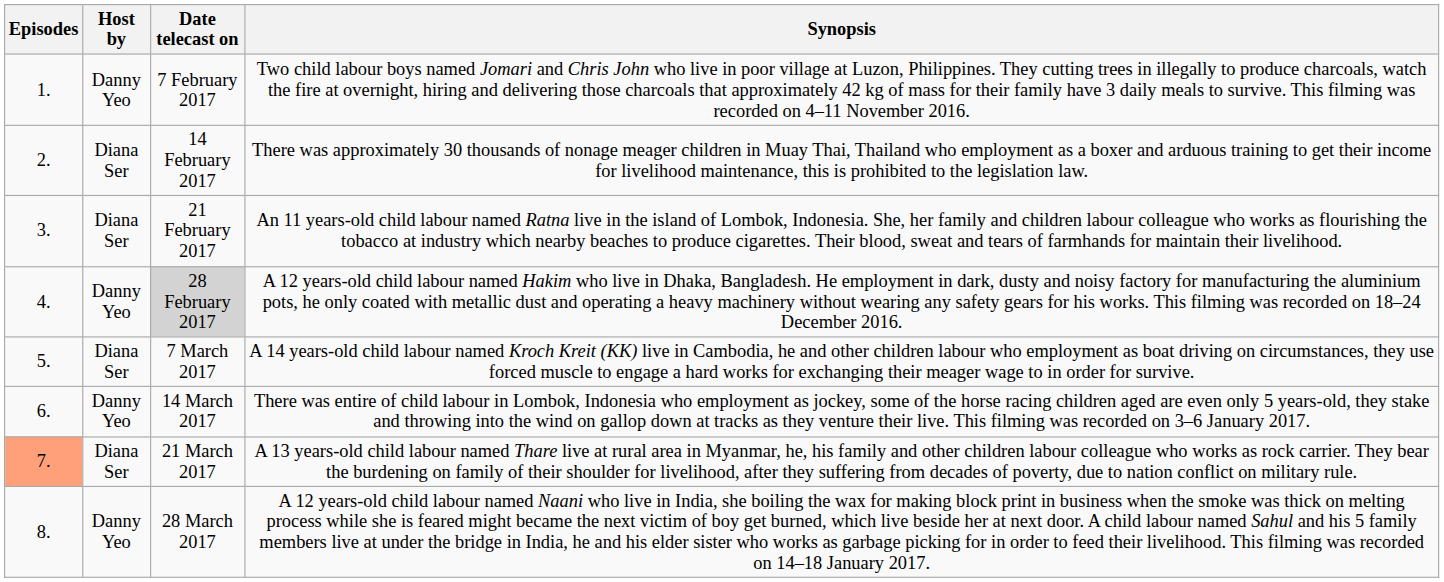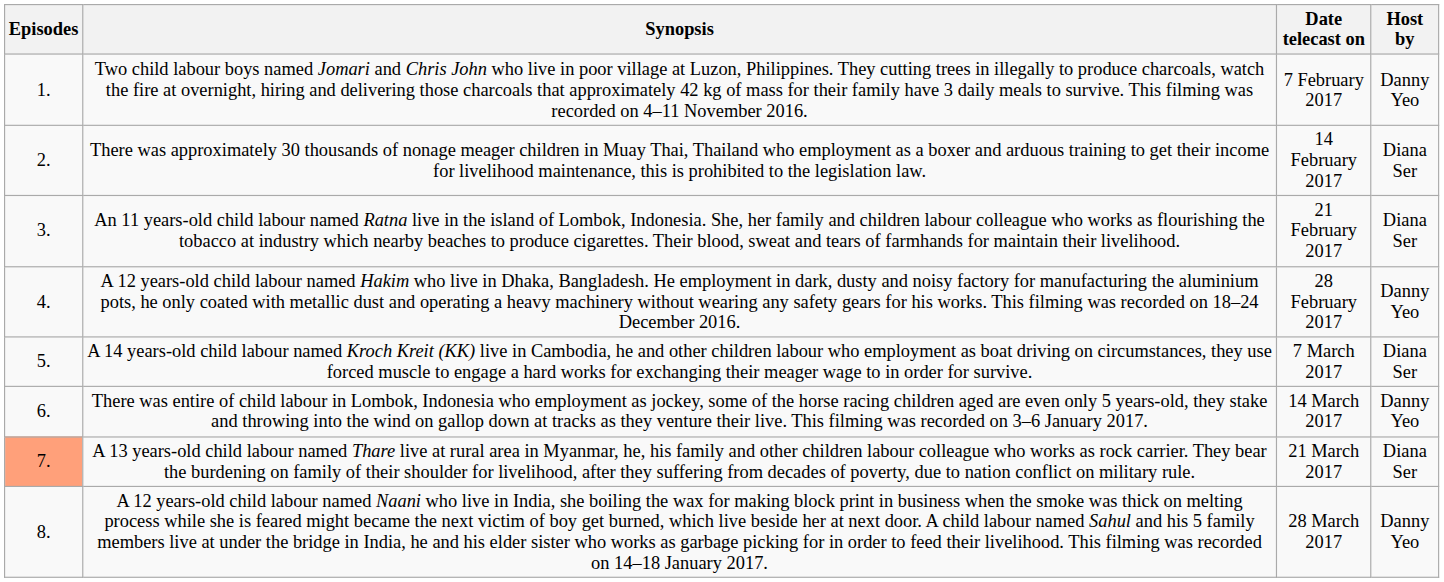 <table class="wikitable" style="text-align:center">
 <tr>
 <th>Episodes</th>
+<th>Synopsis</th>
+<th>Date telecast on</th>
 <th>Host by</th>
-<th>Date telecast on</th>
-<th>Synopsis</th>
 </tr>
 <tr>
 <td>1.</td>
+<td>Two child labour boys named <em>Jomari</em> and <em>Chris John</em> who live in poor village at Luzon, Philippines. They cutting trees in illegally to produce charcoals, watch the fire at overnight, hiring and delivering those charcoals that approximately 42 kg of mass for their family have 3 daily meals to survive. This filming was recorded on 4–11 November 2016.</td>
+<td>7 February 2017</td>
 <td>Danny Yeo</td>
-<td>7 February 2017</td>
-<td>Two child labour boys named <em>Jomari</em> and <em>Chris John</em> who live in poor village at Luzon, Philippines. They cutting trees in illegally to produce charcoals, watch the fire at overnight, hiring and delivering those charcoals that approximately 42 kg of mass for their family have 3 daily meals to survive. This filming was recorded on 4–11 November 2016.</td>
 </tr>
 <tr>
 <td>2.</td>
+<td>There was approximately 30 thousands of nonage meager children in Muay Thai, Thailand who employment as a boxer and arduous training to get their income for livelihood maintenance, this is prohibited to the legislation law.</td>
+<td>14 February 2017</td>
 <td>Diana Ser</td>
-<td>14 February 2017</td>
-<td>There was approximately 30 thousands of nonage meager children in Muay Thai, Thailand who employment as a boxer and arduous training to get their income for livelihood maintenance, this is prohibited to the legislation law.</td>
 </tr>
 <tr>
 <td>3.</td>
+<td>An 11 years-old child labour named <em>Ratna</em> live in the island of Lombok, Indonesia. She, her family and children labour colleague who works as flourishing the tobacco at industry which nearby beaches to produce cigarettes. Their blood, sweat and tears of farmhands for maintain their livelihood.</td>
+<td>21 February 2017</td>
 <td>Diana Ser</td>
-<td>21 February 2017</td>
-<td>An 11 years-old child labour named <em>Ratna</em> live in the island of Lombok, Indonesia. She, her family and children labour colleague who works as flourishing the tobacco at industry which nearby beaches to produce cigarettes. Their blood, sweat and tears of farmhands for maintain their livelihood.</td>
 </tr>
 <tr>
 <td>4.</td>
+<td>A 12 years-old child labour named <em>Hakim</em> who live in Dhaka, Bangladesh. He employment in dark, dusty and noisy factory for manufacturing the aluminium pots, he only coated with metallic dust and operating a heavy machinery without wearing any safety gears for his works. This filming was recorded on 18–24 December 2016.</td>
+<td>28 February 2017</td>
 <td>Danny Yeo</td>
-<td style="background: lightgrey;">28 February 2017</td>
-<td>A 12 years-old child labour named <em>Hakim</em> who live in Dhaka, Bangladesh. He employment in dark, dusty and noisy factory for manufacturing the aluminium pots, he only coated with metallic dust and operating a heavy machinery without wearing any safety gears for his works. This filming was recorded on 18–24 December 2016.</td>
 </tr>
 <tr>
 <td>5.</td>
+<td>A 14 years-old child labour named <em>Kroch Kreit (KK)</em> live in Cambodia, he and other children labour who employment as boat driving on circumstances, they use forced muscle to engage a hard works for exchanging their meager wage to in order for survive.</td>
+<td>7 March 2017</td>
 <td>Diana Ser</td>
-<td>7 March 2017</td>
-<td>A 14 years-old child labour named <em>Kroch Kreit (KK)</em> live in Cambodia, he and other children labour who employment as boat driving on circumstances, they use forced muscle to engage a hard works for exchanging their meager wage to in order for survive.</td>
 </tr>
 <tr>
 <td>6.</td>
+<td>There was entire of child labour in Lombok, Indonesia who employment as jockey, some of the horse racing children aged are even only 5 years-old, they stake and throwing into the wind on gallop down at tracks as they venture their live. This filming was recorded on 3–6 January 2017.</td>
+<td>14 March 2017</td>
 <td>Danny Yeo</td>
-<td>14 March 2017</td>
-<td>There was entire of child labour in Lombok, Indonesia who employment as jockey, some of the horse racing children aged are even only 5 years-old, they stake and throwing into the wind on gallop down at tracks as they venture their live. This filming was recorded on 3–6 January 2017.</td>
 </tr>
 <tr>
 <td style="background: lightsalmon;">7.</td>
+<td>A 13 years-old child labour named <em>Thare</em> live at rural area in Myanmar, he, his family and other children labour colleague who works as rock carrier. They bear the burdening on family of their shoulder for livelihood, after they suffering from decades of poverty, due to nation conflict on military rule.</td>
+<td>21 March 2017</td>
 <td>Diana Ser</td>
-<td>21 March 2017</td>
-<td>A 13 years-old child labour named <em>Thare</em> live at rural area in Myanmar, he, his family and other children labour colleague who works as rock carrier. They bear the burdening on family of their shoulder for livelihood, after they suffering from decades of poverty, due to nation conflict on military rule.</td>
 </tr>
 <tr>
 <td>8.</td>
+<td>A 12 years-old child labour named <em>Naani</em> who live in India, she boiling the wax for making block print in business when the smoke was thick on melting process while she is feared might became the next victim of boy get burned, which live beside her at next door. A child labour named <em>Sahul</em> and his 5 family members live at under the bridge in India, he and his elder sister who works as garbage picking for in order to feed their livelihood. This filming was recorded on 14–18 January 2017.</td>
+<td>28 March 2017</td>
 <td>Danny Yeo</td>
-<td>28 March 2017</td>
-<td>A 12 years-old child labour named <em>Naani</em> who live in India, she boiling the wax for making block print in business when the smoke was thick on melting process while she is feared might became the next victim of boy get burned, which live beside her at next door. A child labour named <em>Sahul</em> and his 5 family members live at under the bridge in India, he and his elder sister who works as garbage picking for in order to feed their livelihood. This filming was recorded on 14–18 January 2017.</td>
 </tr>
 </table>
